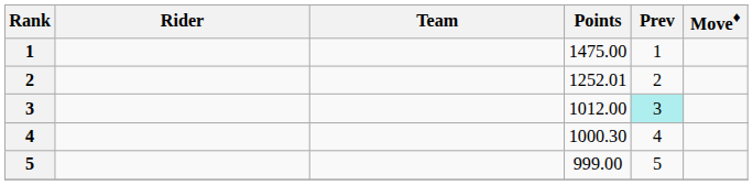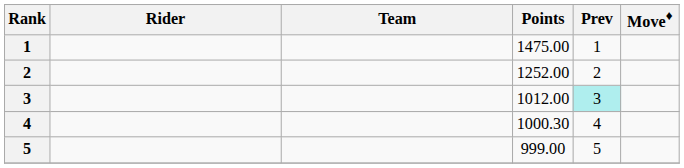 <table class="wikitable sortable">
 <tr>
 </tr>
 <tr>
 <th width=30>Rank</th>
 <th width=222>Rider</th>
 <th width=222>Team</th>
 <th width=50>Points</th>
 <th width=40>Prev</th>
 <th width=50>Move<sup>♦</sup></th>
 </tr>
 <tr style="text-align:center;">
 <th scope="row">1</th>
 <td style="text-align:left;"></td>
 <td style="text-align:left;"></td>
 <td>1475.00</td>
 <td>1</td>
 <td></td>
 </tr>
 <tr style="text-align:center;">
 <th scope="row">2</th>
 <td style="text-align:left;"></td>
 <td style="text-align:left;"></td>
-<td>1252.01</td>
+<td>1252.00</td>
 <td>2</td>
 <td></td>
 </tr>
 <tr style="text-align:center;">
 <th scope="row">3</th>
 <td style="text-align:left;"></td>
 <td style="text-align:left;"></td>
 <td>1012.00</td>
 <td style="background: paleturquoise;">3</td>
 <td></td>
 </tr>
 <tr style="text-align:center;">
 <th scope="row">4</th>
 <td style="text-align:left;"></td>
 <td style="text-align:left;"></td>
 <td>1000.30</td>
 <td>4</td>
 <td></td>
 </tr>
 <tr style="text-align:center;">
 <th scope="row">5</th>
 <td style="text-align:left;"></td>
 <td style="text-align:left;"></td>
 <td>999.00</td>
 <td>5</td>
 <td></td>
 </tr>
 <tr style="text-align:center;">
 </tr>
 </table>
